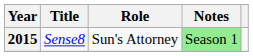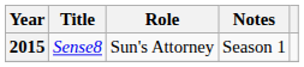 <table class="wikitable sortable plainrowheaders">
 <tr>
 <th scope="col">Year</th>
 <th scope="col">Title</th>
 <th scope="col">Role</th>
 <th scope="col" class="unsortable">Notes</th>
 <th scope="col" class="unsortable"></th>
 </tr>
 <tr>
 <th scope="row">2015</th>
 <td><em><a href='#'>Sense8</a></em></td>
 <td>Sun's Attorney</td>
-<td style="background: lightgreen;">Season 1</td>
+<td>Season 1</td>
 <td></td>
 </tr>
 <tr>
 </tr>
 </table>
